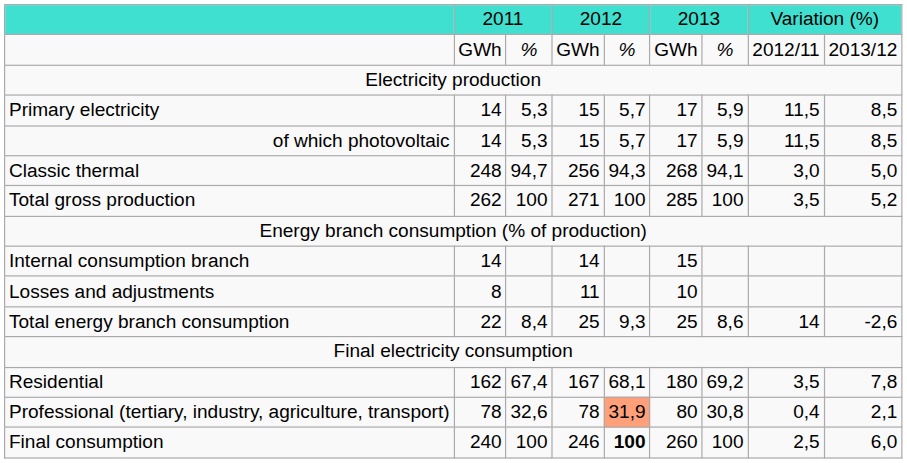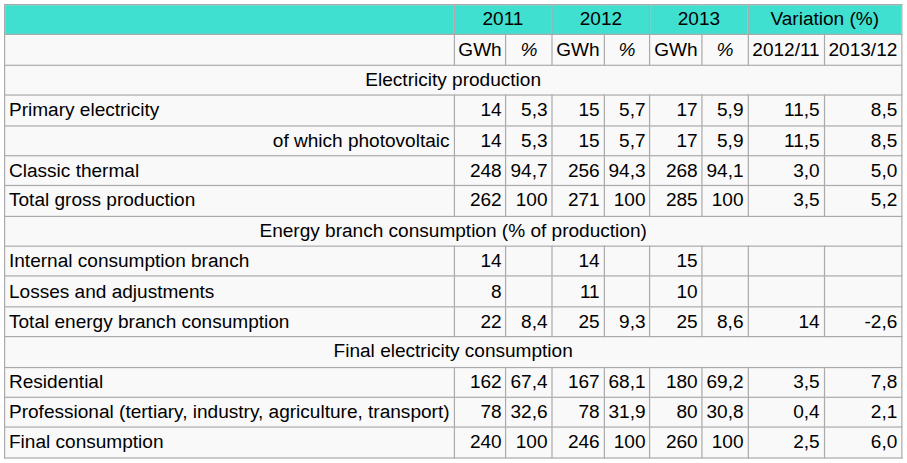 <table class="wikitable">
 <tr align="center" bgcolor="#40e0d0">
 <td></td>
 <td colspan="2">2011</td>
 <td colspan="2">2012</td>
 <td colspan="2">2013</td>
 <td colspan="2">Variation (%)</td>
 </tr>
 <tr align="center">
 <td></td>
 <td>GWh</td>
 <td><em>%</em></td>
 <td>GWh</td>
 <td><em>%</em></td>
 <td>GWh</td>
 <td><em>%</em></td>
 <td>2012/11</td>
 <td>2013/12</td>
 </tr>
 <tr>
 <td colspan="9" align="center">Electricity production</td>
 </tr>
 <tr align="right">
 <td align="left">Primary electricity</td>
 <td>14</td>
 <td>5,3</td>
 <td>15</td>
 <td>5,7</td>
 <td>17</td>
 <td>5,9</td>
 <td>11,5</td>
 <td>8,5</td>
 </tr>
 <tr align="right">
 <td>of which photovoltaic</td>
 <td>14</td>
 <td>5,3</td>
 <td>15</td>
 <td>5,7</td>
 <td>17</td>
 <td>5,9</td>
 <td>11,5</td>
 <td>8,5</td>
 </tr>
 <tr align="right">
 <td align="left">Classic thermal</td>
 <td>248</td>
 <td>94,7</td>
 <td>256</td>
 <td>94,3</td>
 <td>268</td>
 <td>94,1</td>
 <td>3,0</td>
 <td>5,0</td>
 </tr>
 <tr align="right">
 <td align="left">Total gross production</td>
 <td>262</td>
 <td>100</td>
 <td>271</td>
 <td>100</td>
 <td>285</td>
 <td>100</td>
 <td>3,5</td>
 <td>5,2</td>
 </tr>
 <tr>
 <td colspan="9" align="center">Energy branch consumption (% of production)</td>
 </tr>
 <tr align="right">
 <td align="left">Internal consumption branch</td>
 <td>14</td>
 <td></td>
 <td>14</td>
 <td></td>
 <td>15</td>
 <td></td>
 <td></td>
 <td></td>
 </tr>
 <tr align="right">
 <td align="left">Losses and adjustments</td>
 <td>8</td>
 <td></td>
 <td>11</td>
 <td></td>
 <td>10</td>
 <td></td>
 <td></td>
 <td></td>
 </tr>
 <tr align="right">
 <td align="left">Total energy branch consumption</td>
 <td>22</td>
 <td>8,4</td>
 <td>25</td>
 <td>9,3</td>
 <td>25</td>
 <td>8,6</td>
 <td>14</td>
 <td>-2,6</td>
 </tr>
 <tr>
 <td colspan="9" align="center">Final electricity consumption</td>
 </tr>
 <tr align="right">
 <td align="left">Residential</td>
 <td>162</td>
 <td>67,4</td>
 <td>167</td>
 <td>68,1</td>
 <td>180</td>
 <td>69,2</td>
 <td>3,5</td>
 <td>7,8</td>
 </tr>
 <tr align="right">
 <td align="left">Professional (tertiary, industry, agriculture, transport)</td>
 <td>78</td>
 <td>32,6</td>
 <td>78</td>
-<td style="background: lightsalmon;">31,9</td>
+<td>31,9</td>
 <td>80</td>
 <td>30,8</td>
 <td>0,4</td>
 <td>2,1</td>
 </tr>
 <tr align="right">
 <td align="left">Final consumption</td>
 <td>240</td>
 <td>100</td>
 <td>246</td>
-<td><strong>100</strong></td>
+<td>100</td>
 <td>260</td>
 <td>100</td>
 <td>2,5</td>
 <td>6,0</td>
 </tr>
 </table>
